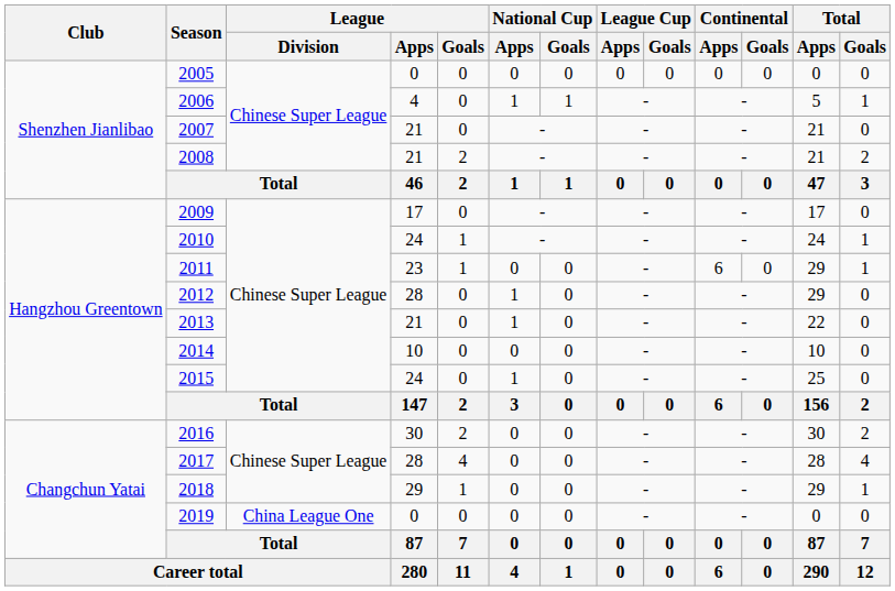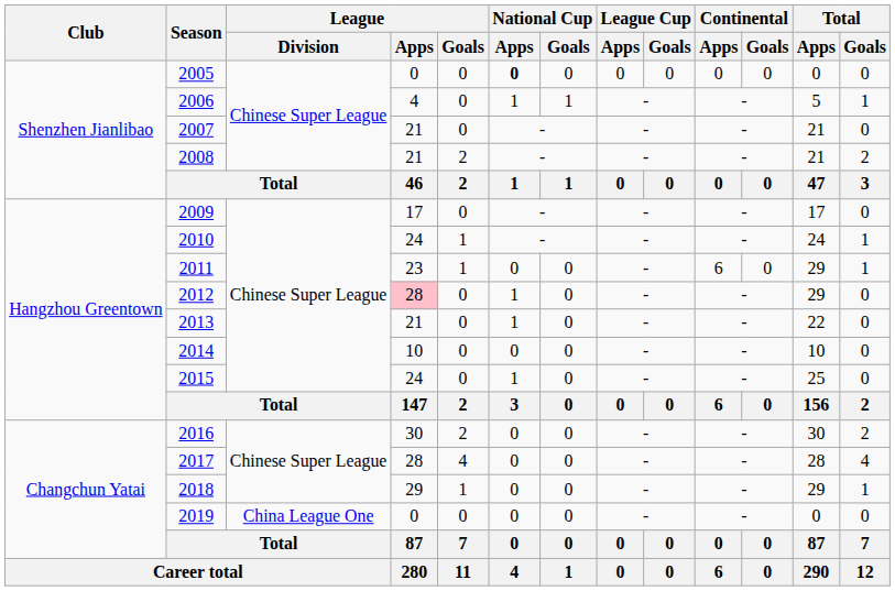 <table class="wikitable" style="text-align: center">
 <tr>
 <th rowspan="2">Club</th>
 <th rowspan="2">Season</th>
 <th colspan="3">League</th>
 <th colspan="2">National Cup</th>
 <th colspan="2">League Cup</th>
 <th colspan="2">Continental</th>
 <th colspan="2">Total</th>
 </tr>
 <tr>
 <th>Division</th>
 <th>Apps</th>
 <th>Goals</th>
 <th>Apps</th>
 <th>Goals</th>
 <th>Apps</th>
 <th>Goals</th>
 <th>Apps</th>
 <th>Goals</th>
 <th>Apps</th>
 <th>Goals</th>
 </tr>
 <tr>
 <td rowspan=5><a href='#'>Shenzhen Jianlibao</a></td>
 <td><a href='#'>2005</a></td>
 <td rowspan=4><a href='#'>Chinese Super League</a></td>
 <td>0</td>
 <td>0</td>
-<td>0</td>
+<td><strong>0</strong></td>
 <td>0</td>
 <td>0</td>
 <td>0</td>
 <td>0</td>
 <td>0</td>
 <td>0</td>
 <td>0</td>
 </tr>
 <tr>
 <td><a href='#'>2006</a></td>
 <td>4</td>
 <td>0</td>
 <td>1</td>
 <td>1</td>
 <td colspan="2">-</td>
 <td colspan="2">-</td>
 <td>5</td>
 <td>1</td>
 </tr>
 <tr>
 <td><a href='#'>2007</a></td>
 <td>21</td>
 <td>0</td>
 <td colspan="2">-</td>
 <td colspan="2">-</td>
 <td colspan="2">-</td>
 <td>21</td>
 <td>0</td>
 </tr>
 <tr>
 <td><a href='#'>2008</a></td>
 <td>21</td>
 <td>2</td>
 <td colspan="2">-</td>
 <td colspan="2">-</td>
 <td colspan="2">-</td>
 <td>21</td>
 <td>2</td>
 </tr>
 <tr>
 <th colspan="2">Total</th>
 <th>46</th>
 <th>2</th>
 <th>1</th>
 <th>1</th>
 <th>0</th>
 <th>0</th>
 <th>0</th>
 <th>0</th>
 <th>47</th>
 <th>3</th>
 </tr>
 <tr>
 <td rowspan=8><a href='#'>Hangzhou Greentown</a></td>
 <td><a href='#'>2009</a></td>
 <td rowspan=7>Chinese Super League</td>
 <td>17</td>
 <td>0</td>
 <td colspan="2">-</td>
 <td colspan="2">-</td>
 <td colspan="2">-</td>
 <td>17</td>
 <td>0</td>
 </tr>
 <tr>
 <td><a href='#'>2010</a></td>
 <td>24</td>
 <td>1</td>
 <td colspan="2">-</td>
 <td colspan="2">-</td>
 <td colspan="2">-</td>
 <td>24</td>
 <td>1</td>
 </tr>
 <tr>
 <td><a href='#'>2011</a></td>
 <td>23</td>
 <td>1</td>
 <td>0</td>
 <td>0</td>
 <td colspan="2">-</td>
 <td>6</td>
 <td>0</td>
 <td>29</td>
 <td>1</td>
 </tr>
 <tr>
 <td><a href='#'>2012</a></td>
-<td>28</td>
+<td style="background: pink;">28</td>
 <td>0</td>
 <td>1</td>
 <td>0</td>
 <td colspan="2">-</td>
 <td colspan="2">-</td>
 <td>29</td>
 <td>0</td>
 </tr>
 <tr>
 <td><a href='#'>2013</a></td>
 <td>21</td>
 <td>0</td>
 <td>1</td>
 <td>0</td>
 <td colspan="2">-</td>
 <td colspan="2">-</td>
 <td>22</td>
 <td>0</td>
 </tr>
 <tr>
 <td><a href='#'>2014</a></td>
 <td>10</td>
 <td>0</td>
 <td>0</td>
 <td>0</td>
 <td colspan="2">-</td>
 <td colspan="2">-</td>
 <td>10</td>
 <td>0</td>
 </tr>
 <tr>
 <td><a href='#'>2015</a></td>
 <td>24</td>
 <td>0</td>
 <td>1</td>
 <td>0</td>
 <td colspan="2">-</td>
 <td colspan="2">-</td>
 <td>25</td>
 <td>0</td>
 </tr>
 <tr>
 <th colspan="2">Total</th>
 <th>147</th>
 <th>2</th>
 <th>3</th>
 <th>0</th>
 <th>0</th>
 <th>0</th>
 <th>6</th>
 <th>0</th>
 <th>156</th>
 <th>2</th>
 </tr>
 <tr>
 <td rowspan=5><a href='#'>Changchun Yatai</a></td>
 <td><a href='#'>2016</a></td>
 <td rowspan=3>Chinese Super League</td>
 <td>30</td>
 <td>2</td>
 <td>0</td>
 <td>0</td>
 <td colspan="2">-</td>
 <td colspan="2">-</td>
 <td>30</td>
 <td>2</td>
 </tr>
 <tr>
 <td><a href='#'>2017</a></td>
 <td>28</td>
 <td>4</td>
 <td>0</td>
 <td>0</td>
 <td colspan="2">-</td>
 <td colspan="2">-</td>
 <td>28</td>
 <td>4</td>
 </tr>
 <tr>
 <td><a href='#'>2018</a></td>
 <td>29</td>
 <td>1</td>
 <td>0</td>
 <td>0</td>
 <td colspan="2">-</td>
 <td colspan="2">-</td>
 <td>29</td>
 <td>1</td>
 </tr>
 <tr>
 <td><a href='#'>2019</a></td>
 <td><a href='#'>China League One</a></td>
 <td>0</td>
 <td>0</td>
 <td>0</td>
 <td>0</td>
 <td colspan="2">-</td>
 <td colspan="2">-</td>
 <td>0</td>
 <td>0</td>
 </tr>
 <tr>
 <th colspan="2">Total</th>
 <th>87</th>
 <th>7</th>
 <th>0</th>
 <th>0</th>
 <th>0</th>
 <th>0</th>
 <th>0</th>
 <th>0</th>
 <th>87</th>
 <th>7</th>
 </tr>
 <tr>
 <th colspan=3>Career total</th>
 <th>280</th>
 <th>11</th>
 <th>4</th>
 <th>1</th>
 <th>0</th>
 <th>0</th>
 <th>6</th>
 <th>0</th>
 <th>290</th>
 <th>12</th>
 </tr>
 </table>
